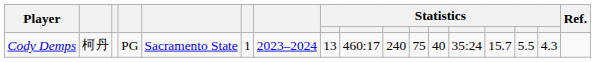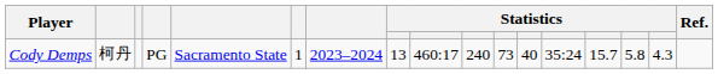 <table class="wikitable sortable" style="font-size:95%; text-align:right;">
 <tr>
 <th rowspan="2">Player</th>
 <th rowspan="2"></th>
 <th rowspan="2"></th>
 <th rowspan="2"></th>
 <th rowspan="2"></th>
 <th rowspan="2"></th>
 <th rowspan="2"></th>
 <th colspan="9">Statistics</th>
 <th rowspan="2">Ref.</th>
 </tr>
 <tr>
 <th></th>
 <th></th>
 <th></th>
 <th></th>
 <th></th>
 <th></th>
 <th></th>
 <th></th>
 <th></th>
 </tr>
 <tr>
 <td align="left"><em><a href='#'>Cody Demps</a></em></td>
 <td align="left">柯丹</td>
 <td align="center"></td>
 <td align="center">PG</td>
 <td align="left"><a href='#'>Sacramento State</a></td>
 <td align="center">1</td>
 <td align="center"><a href='#'>2023–2024</a></td>
 <td>13</td>
 <td>460:17</td>
 <td>240</td>
-<td>75</td>
+<td>73</td>
 <td>40</td>
 <td>35:24</td>
 <td>15.7</td>
-<td>5.5</td>
+<td>5.8</td>
 <td>4.3</td>
 <td align="center"></td>
 </tr>
 </table>
